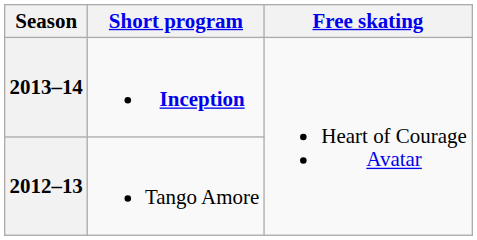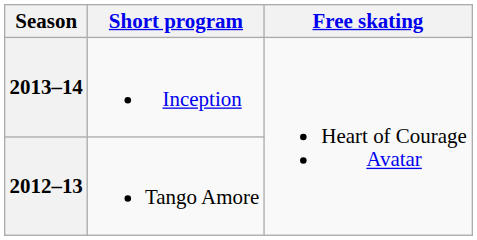 <table class=wikitable style=text-align:center>
 <tr>
 <th>Season</th>
 <th><a href='#'>Short program</a></th>
 <th><a href='#'>Free skating</a></th>
 </tr>
 <tr>
 <th>2013–14</th>
-<td><strong><br><ul><li><a href='#'>Inception</a> <br></li></ul></strong></td>
+<td><br><ul><li><a href='#'>Inception</a> <br></li></ul></td>
 <td rowspan=2><br><ul><li>Heart of Courage <br></li><li><a href='#'>Avatar</a> <br></li></ul></td>
 </tr>
 <tr>
 <th>2012–13</th>
 <td><br><ul><li>Tango Amore <br></li></ul></td>
 </tr>
 </table>
